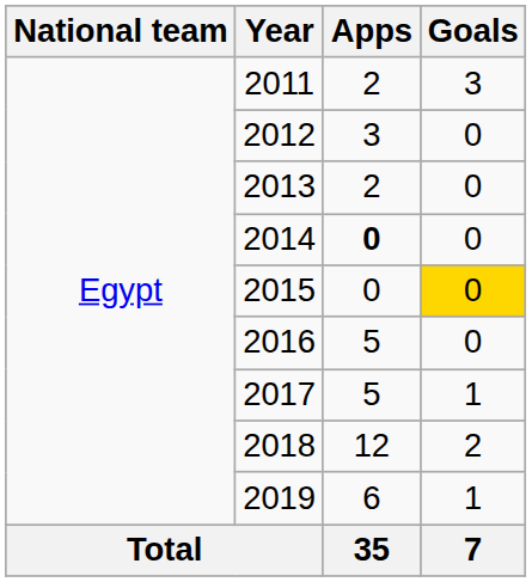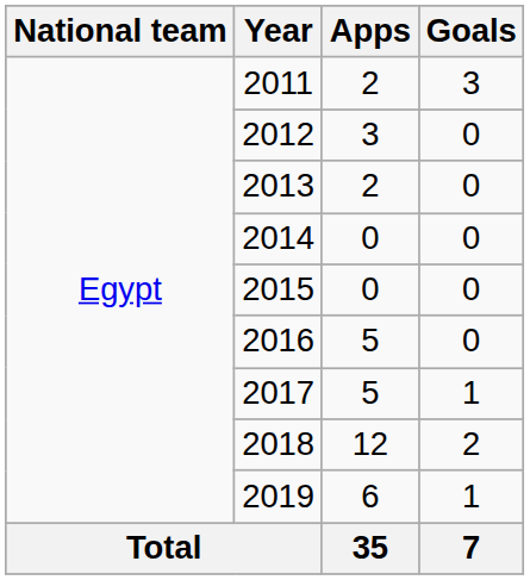 <table class="wikitable" style="text-align:center">
 <tr>
 <th>National team</th>
 <th>Year</th>
 <th>Apps</th>
 <th>Goals</th>
 </tr>
 <tr>
 <td rowspan=9><a href='#'>Egypt</a></td>
 <td>2011</td>
 <td>2</td>
 <td>3</td>
 </tr>
 <tr>
 <td>2012</td>
 <td>3</td>
 <td>0</td>
 </tr>
 <tr>
 <td>2013</td>
 <td>2</td>
 <td>0</td>
 </tr>
 <tr>
 <td>2014</td>
-<td><strong>0</strong></td>
+<td>0</td>
 <td>0</td>
 </tr>
 <tr>
 <td>2015</td>
 <td>0</td>
-<td style="background: gold;">0</td>
+<td>0</td>
 </tr>
 <tr>
 <td>2016</td>
 <td>5</td>
 <td>0</td>
 </tr>
 <tr>
 <td>2017</td>
 <td>5</td>
 <td>1</td>
 </tr>
 <tr>
 <td>2018</td>
 <td>12</td>
 <td>2</td>
 </tr>
 <tr>
 <td>2019</td>
 <td>6</td>
 <td>1</td>
 </tr>
 <tr>
 <th colspan=2>Total</th>
 <th>35</th>
 <th>7</th>
 </tr>
 </table>
